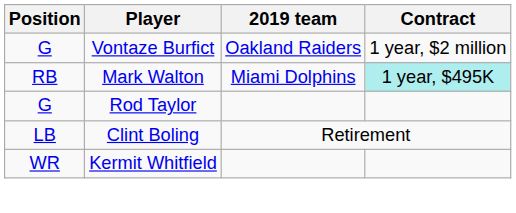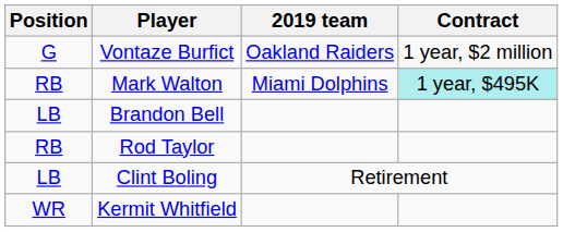 <table class="wikitable" style="text-align:center">
 <tr>
 <th>Position</th>
 <th>Player</th>
 <th>2019 team</th>
 <th>Contract</th>
 </tr>
 <tr>
 <td><a href='#'>G</a></td>
 <td><a href='#'>Vontaze Burfict</a></td>
 <td><a href='#'>Oakland Raiders</a></td>
 <td>1 year, $2 million</td>
 </tr>
 <tr>
 <td><a href='#'>RB</a></td>
 <td><a href='#'>Mark Walton</a></td>
 <td><a href='#'>Miami Dolphins</a></td>
 <td style="background: paleturquoise;">1 year, $495K</td>
 </tr>
 <tr>
-<td><a href='#'>G</a></td>
+<td><a href='#'>LB</a></td>
+<td><a href='#'>Brandon Bell</a></td>
+<td></td>
+<td></td>
+</tr>
+<tr>
+<td><a href='#'>RB</a></td>
 <td><a href='#'>Rod Taylor</a></td>
 <td></td>
 <td></td>
 </tr>
 <tr>
 <td><a href='#'>LB</a></td>
 <td><a href='#'>Clint Boling</a></td>
 <td colspan="2">Retirement</td>
 </tr>
 <tr>
 <td><a href='#'>WR</a></td>
 <td><a href='#'>Kermit Whitfield</a></td>
 <td></td>
 <td></td>
 </tr>
 </table>
